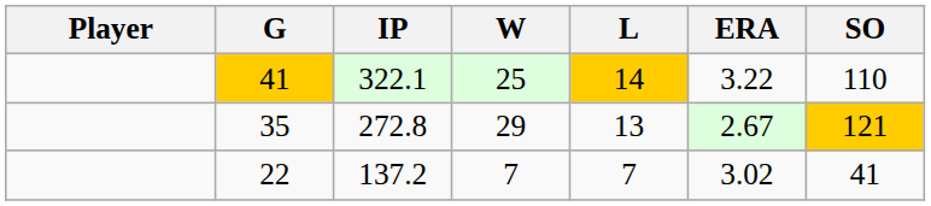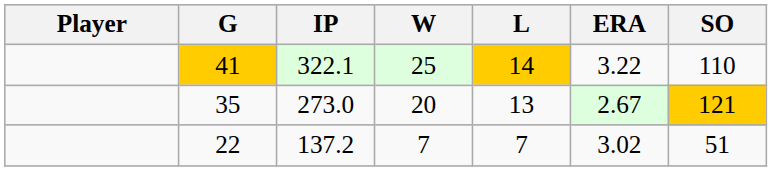 <table class="wikitable sortable">
 <tr>
 <th bgcolor="#DDDDFF" width="16%">Player</th>
 <th bgcolor="#DDDDFF" width="9%">G</th>
 <th bgcolor="#DDDDFF" width="9%">IP</th>
 <th bgcolor="#DDDDFF" width="9%">W</th>
 <th bgcolor="#DDDDFF" width="9%">L</th>
 <th bgcolor="#DDDDFF" width="9%">ERA</th>
 <th bgcolor="#DDDDFF" width="9%">SO</th>
 </tr>
 <tr align="center">
 <td></td>
 <td style="background:#fc0;">41</td>
 <td style="background:#DDFFDD;">322.1</td>
 <td style="background:#DDFFDD;">25</td>
 <td style="background:#fc0;">14</td>
 <td>3.22</td>
 <td>110</td>
 </tr>
 <tr align="center">
 <td></td>
 <td>35</td>
-<td>272.8</td>
-<td>29</td>
+<td>273.0</td>
+<td>20</td>
 <td>13</td>
 <td style="background:#DDFFDD;">2.67</td>
 <td style="background:#fc0;">121</td>
 </tr>
 <tr align="center">
 <td></td>
 <td>22</td>
 <td>137.2</td>
 <td>7</td>
 <td>7</td>
 <td>3.02</td>
-<td>41</td>
+<td>51</td>
 </tr>
 </table>
